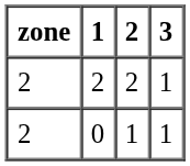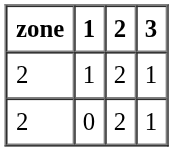 <table border="1" cellpadding="5" cellspacing="0" align="center">
 <tr>
 <th>zone</th>
 <th>1</th>
 <th>2</th>
 <th>3</th>
 </tr>
 <tr>
 <td>2</td>
-<td>2</td>
+<td>1</td>
 <td>2</td>
 <td>1</td>
 </tr>
 <tr>
 <td>2</td>
 <td>0</td>
-<td>1</td>
+<td>2</td>
 <td>1</td>
 </tr>
 <tr>
 </tr>
 </table>
